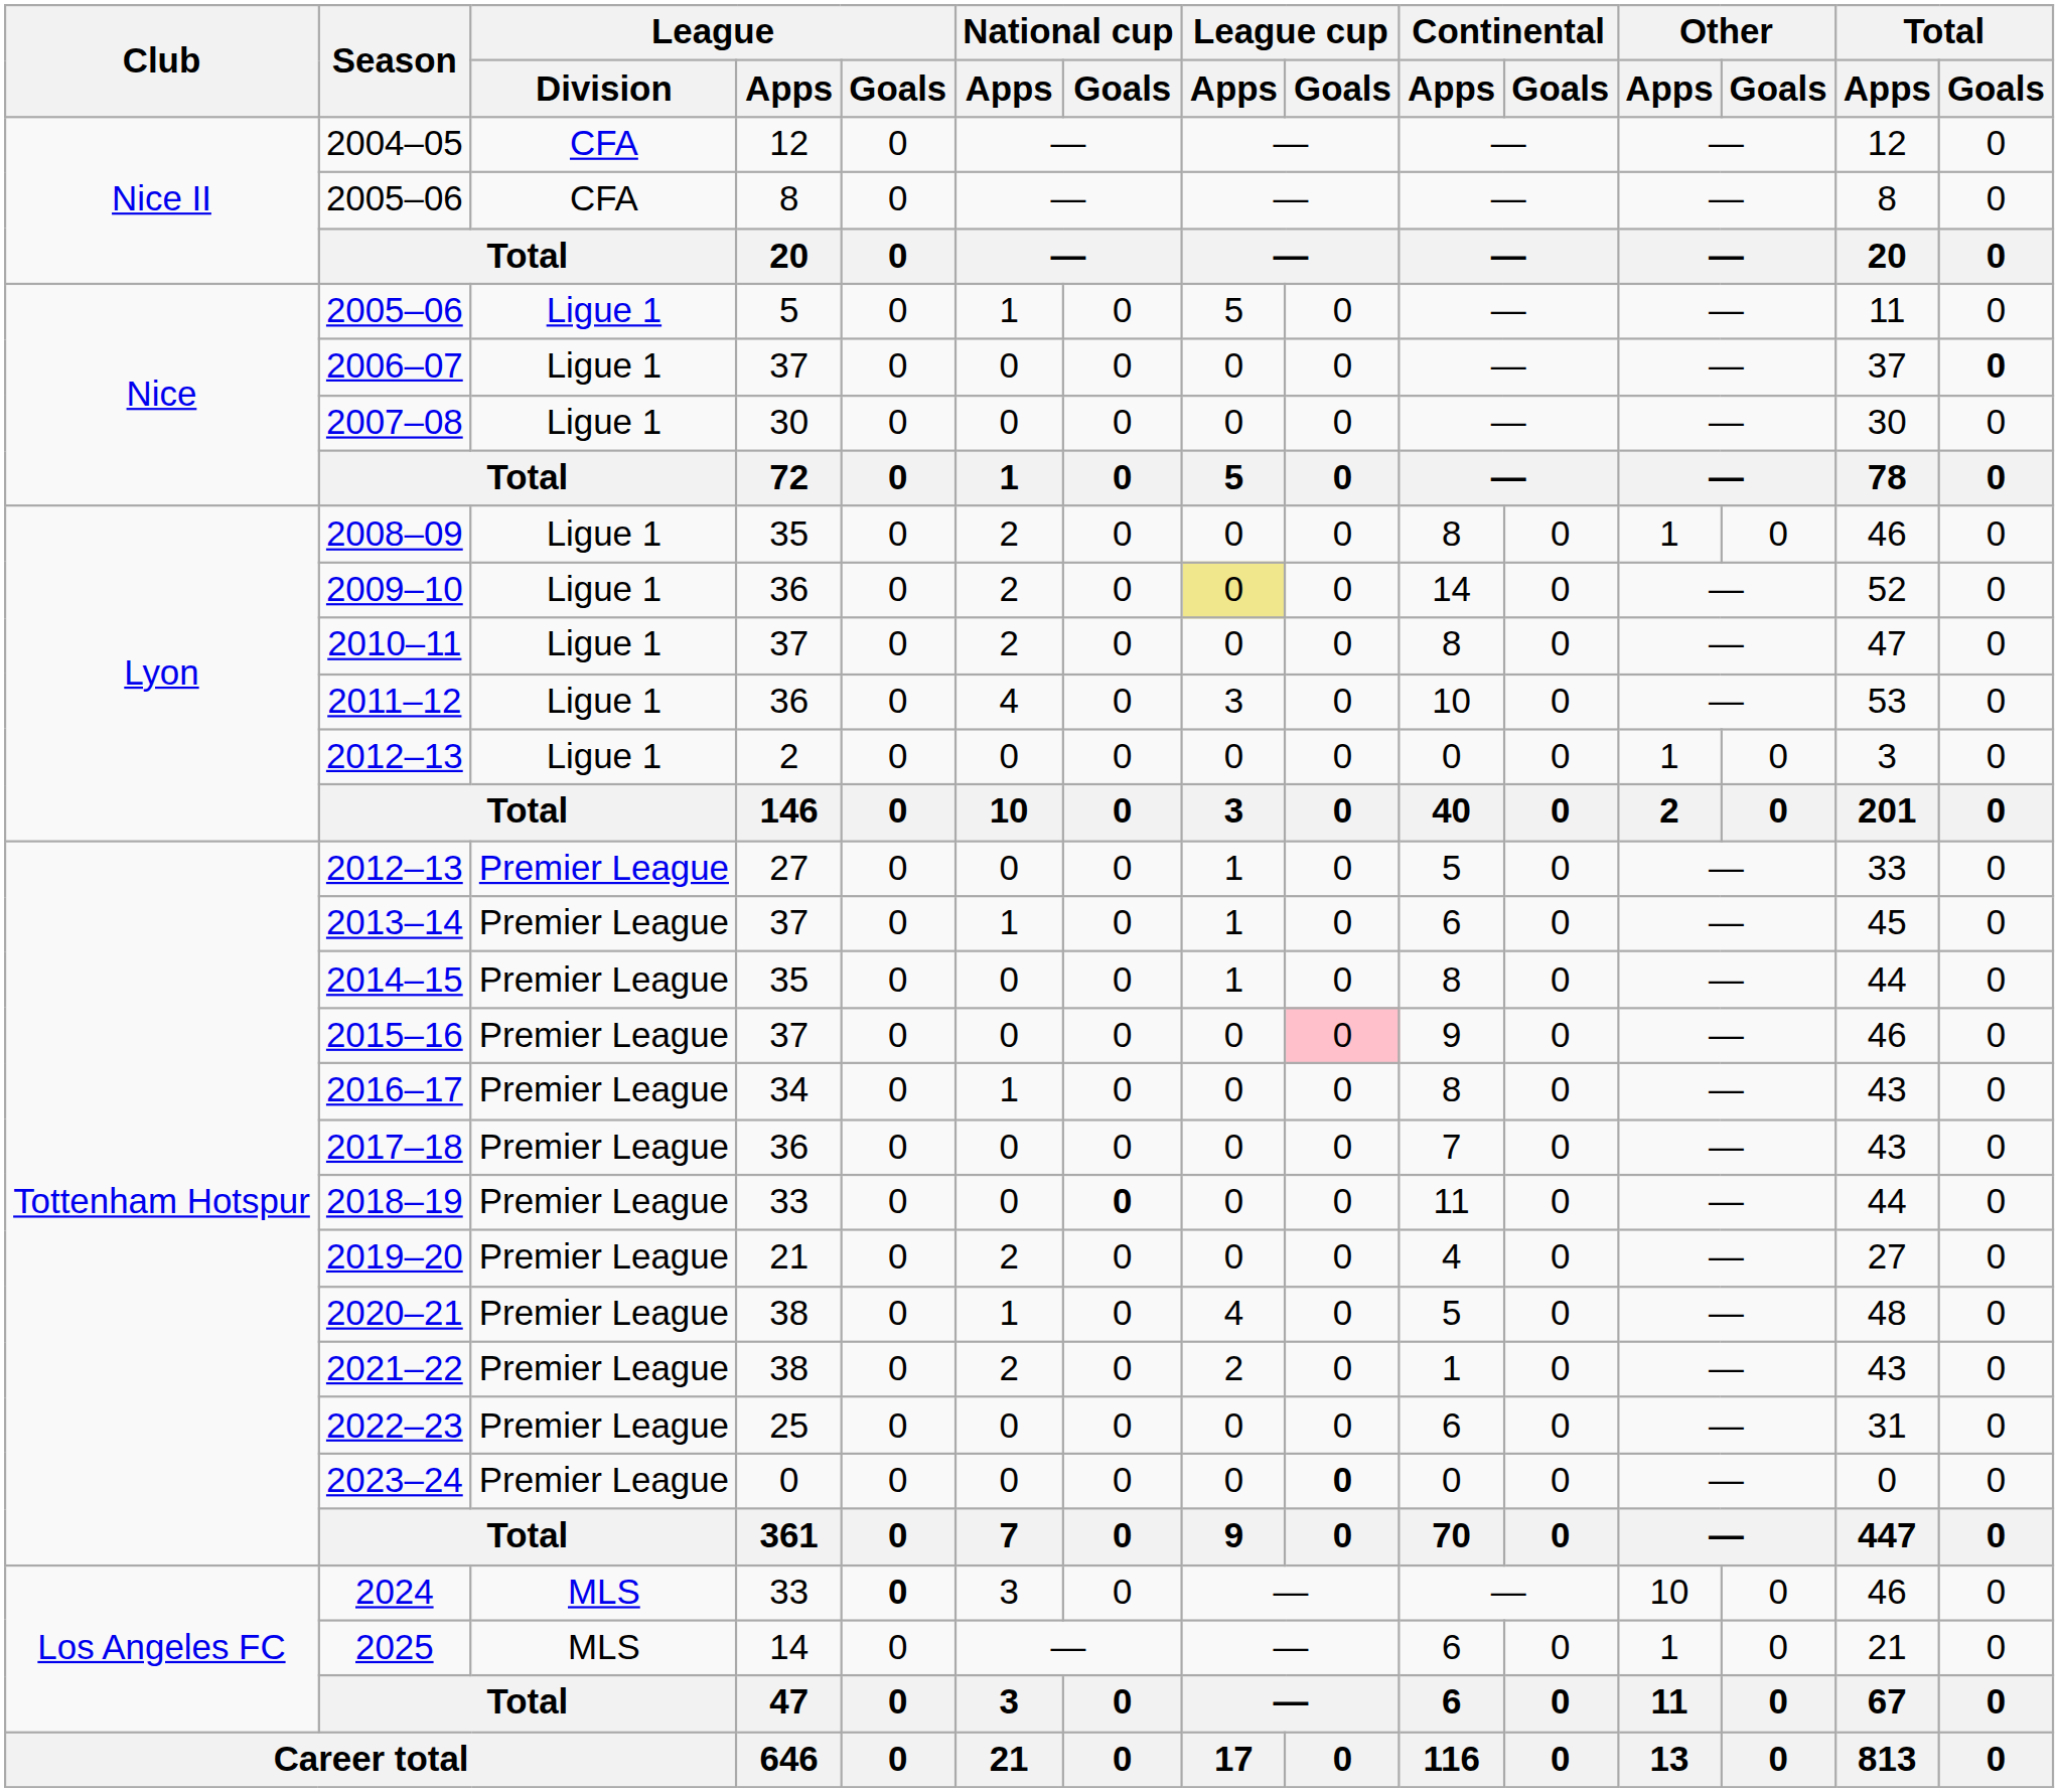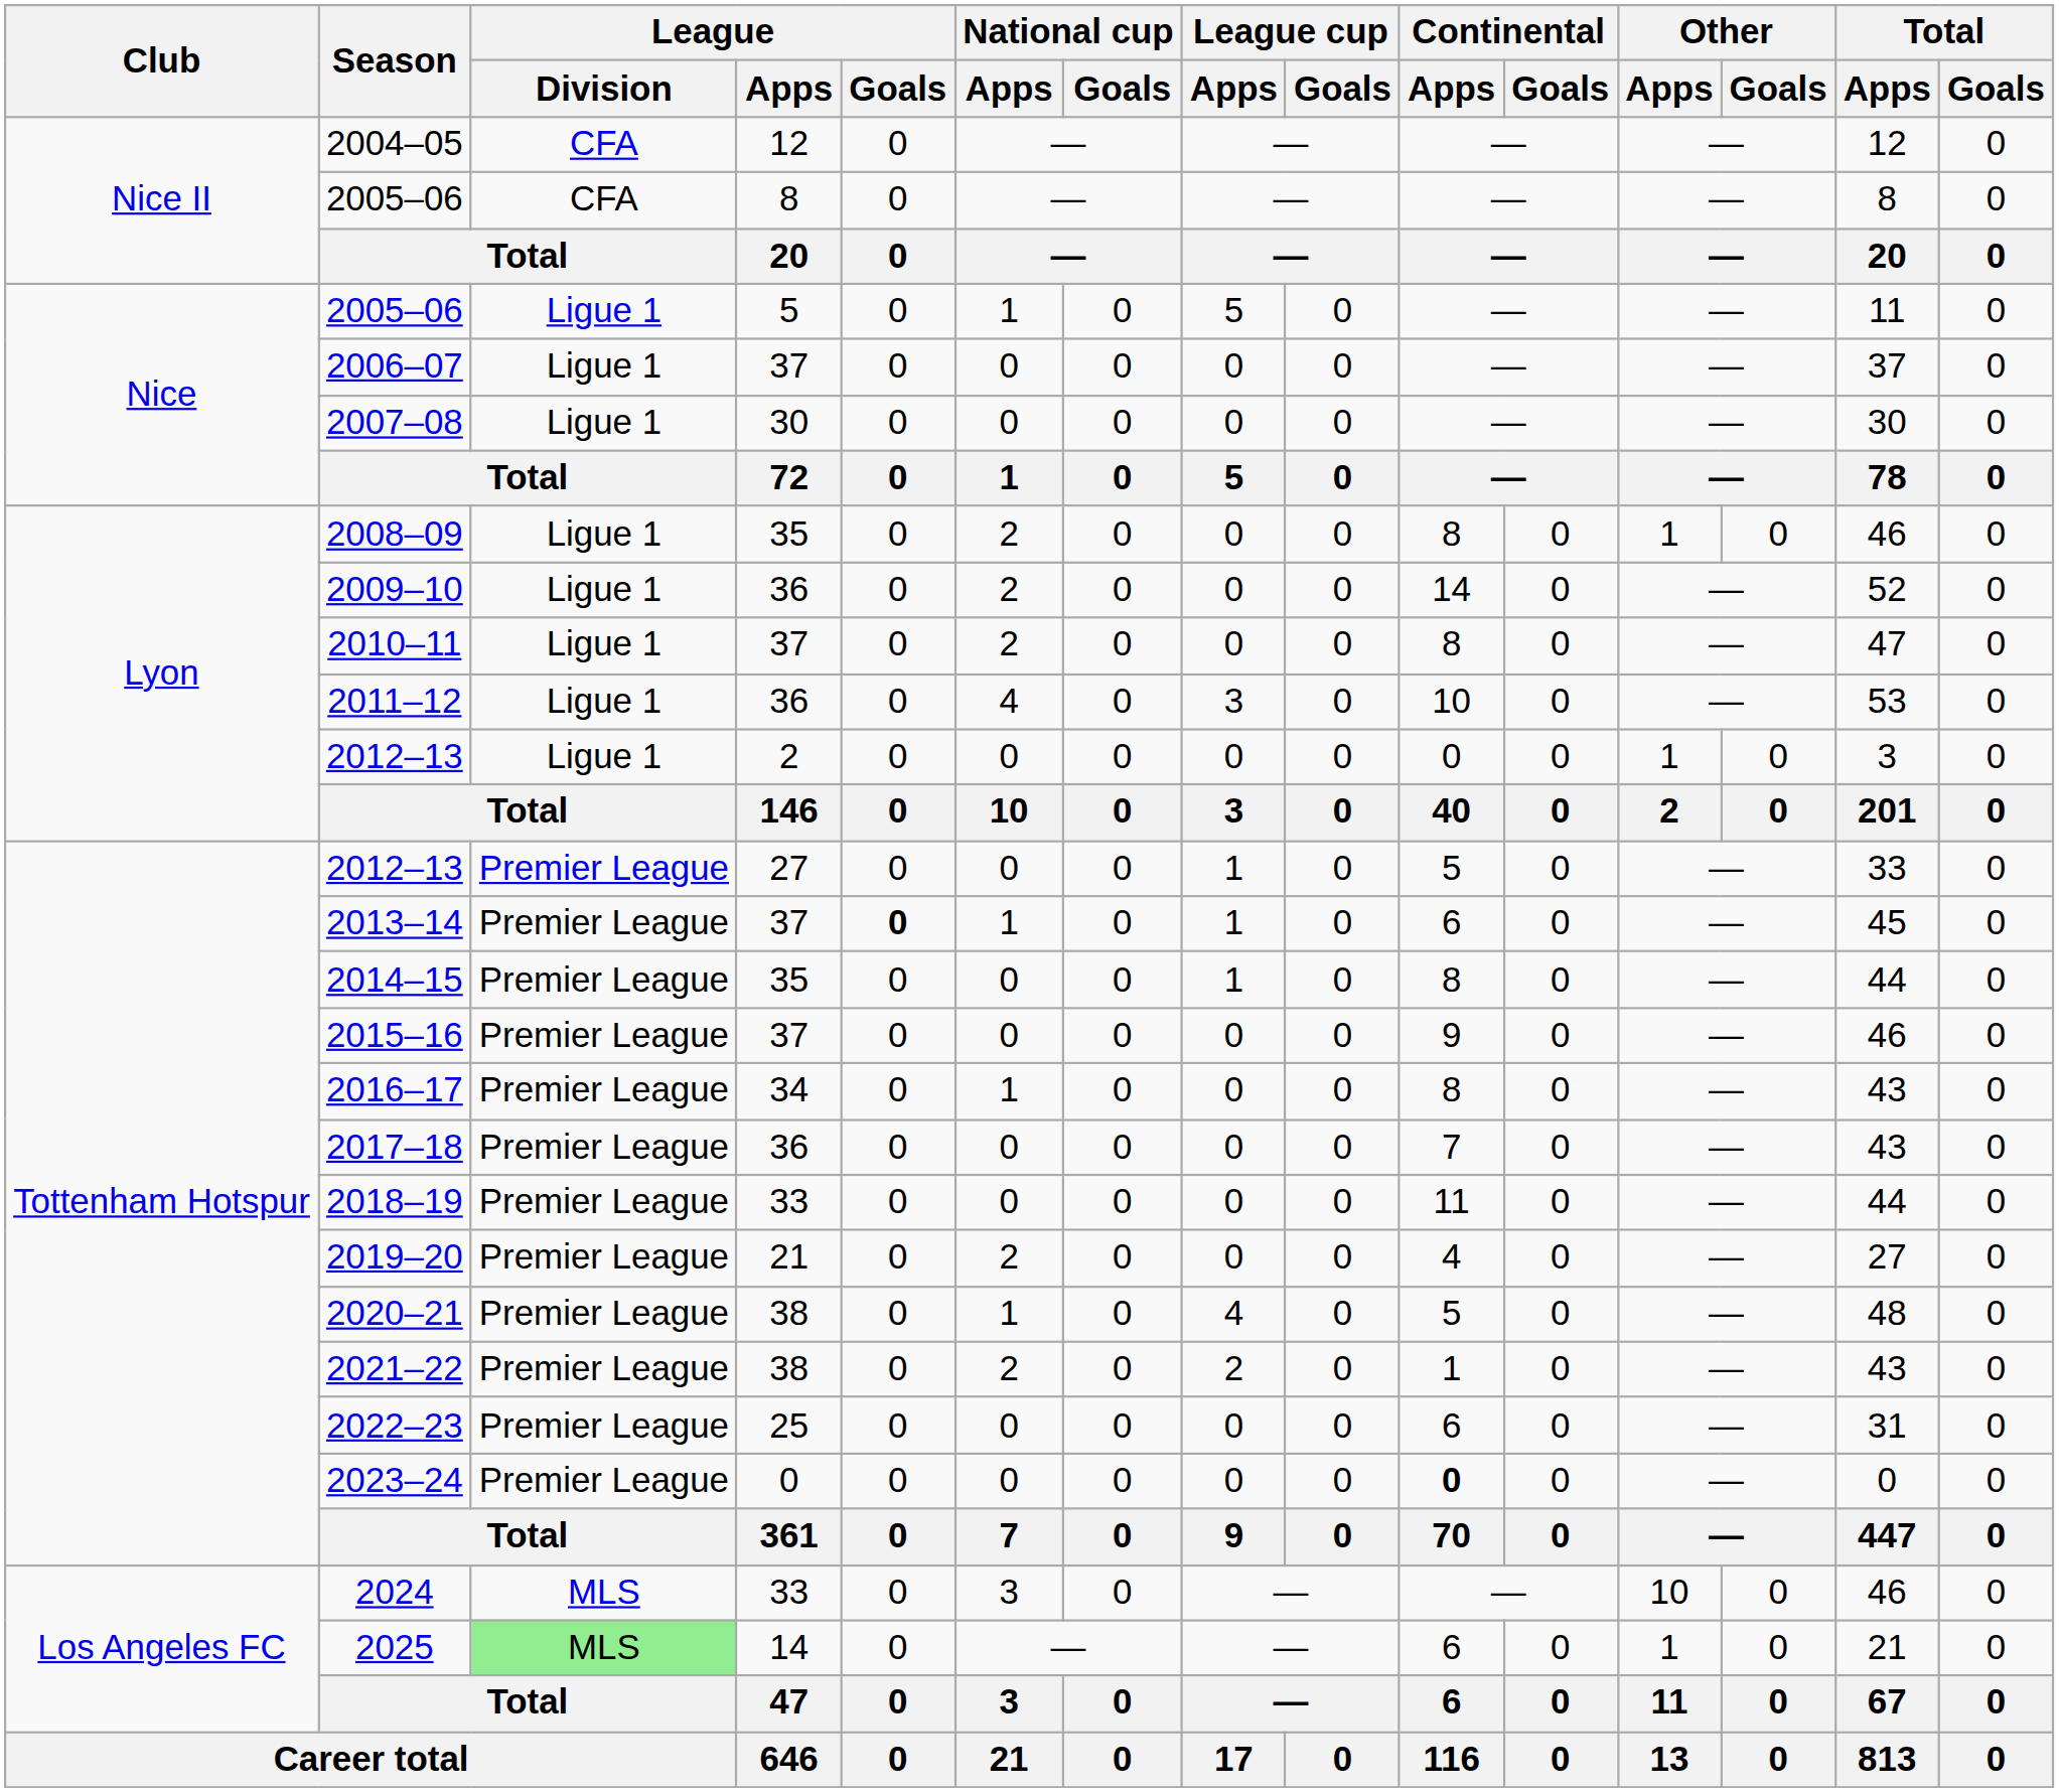 <table class="wikitable" style="text-align: center;">
 <tr>
 <th rowspan="2">Club</th>
 <th rowspan="2">Season</th>
 <th colspan="3">League</th>
 <th colspan="2">National cup</th>
 <th colspan="2">League cup</th>
 <th colspan="2">Continental</th>
 <th colspan="2">Other</th>
 <th colspan="2">Total</th>
 </tr>
 <tr>
 <th>Division</th>
 <th>Apps</th>
 <th>Goals</th>
 <th>Apps</th>
 <th>Goals</th>
 <th>Apps</th>
 <th>Goals</th>
 <th>Apps</th>
 <th>Goals</th>
 <th>Apps</th>
 <th>Goals</th>
 <th>Apps</th>
 <th>Goals</th>
 </tr>
 <tr>
 <td rowspan="3"><a href='#'>Nice II</a></td>
 <td>2004–05</td>
 <td><a href='#'>CFA</a></td>
 <td>12</td>
 <td>0</td>
 <td colspan="2">—</td>
 <td colspan="2">—</td>
 <td colspan="2">—</td>
 <td colspan="2">—</td>
 <td>12</td>
 <td>0</td>
 </tr>
 <tr>
 <td>2005–06</td>
 <td>CFA</td>
 <td>8</td>
 <td>0</td>
 <td colspan="2">—</td>
 <td colspan="2">—</td>
 <td colspan="2">—</td>
 <td colspan="2">—</td>
 <td>8</td>
 <td>0</td>
 </tr>
 <tr>
 <th colspan="2">Total</th>
 <th>20</th>
 <th>0</th>
 <th colspan="2">—</th>
 <th colspan="2">—</th>
 <th colspan="2">—</th>
 <th colspan="2">—</th>
 <th>20</th>
 <th>0</th>
 </tr>
 <tr>
 <td rowspan="4"><a href='#'>Nice</a></td>
 <td><a href='#'>2005–06</a></td>
 <td><a href='#'>Ligue 1</a></td>
 <td>5</td>
 <td>0</td>
 <td>1</td>
 <td>0</td>
 <td>5</td>
 <td>0</td>
 <td colspan="2">—</td>
 <td colspan="2">—</td>
 <td>11</td>
 <td>0</td>
 </tr>
 <tr>
 <td><a href='#'>2006–07</a></td>
 <td>Ligue 1</td>
 <td>37</td>
 <td>0</td>
 <td>0</td>
 <td>0</td>
 <td>0</td>
 <td>0</td>
 <td colspan="2">—</td>
 <td colspan="2">—</td>
 <td>37</td>
-<td><strong>0</strong></td>
+<td>0</td>
 </tr>
 <tr>
 <td><a href='#'>2007–08</a></td>
 <td>Ligue 1</td>
 <td>30</td>
 <td>0</td>
 <td>0</td>
 <td>0</td>
 <td>0</td>
 <td>0</td>
 <td colspan="2">—</td>
 <td colspan="2">—</td>
 <td>30</td>
 <td>0</td>
 </tr>
 <tr>
 <th colspan="2">Total</th>
 <th>72</th>
 <th>0</th>
 <th>1</th>
 <th>0</th>
 <th>5</th>
 <th>0</th>
 <th colspan="2">—</th>
 <th colspan="2">—</th>
 <th>78</th>
 <th>0</th>
 </tr>
 <tr>
 <td rowspan="6"><a href='#'>Lyon</a></td>
 <td><a href='#'>2008–09</a></td>
 <td>Ligue 1</td>
 <td>35</td>
 <td>0</td>
 <td>2</td>
 <td>0</td>
 <td>0</td>
 <td>0</td>
 <td>8</td>
 <td>0</td>
 <td>1</td>
 <td>0</td>
 <td>46</td>
 <td>0</td>
 </tr>
 <tr>
 <td><a href='#'>2009–10</a></td>
 <td>Ligue 1</td>
 <td>36</td>
 <td>0</td>
 <td>2</td>
 <td>0</td>
-<td style="background: khaki;">0</td>
+<td>0</td>
 <td>0</td>
 <td>14</td>
 <td>0</td>
 <td colspan="2">—</td>
 <td>52</td>
 <td>0</td>
 </tr>
 <tr>
 <td><a href='#'>2010–11</a></td>
 <td>Ligue 1</td>
 <td>37</td>
 <td>0</td>
 <td>2</td>
 <td>0</td>
 <td>0</td>
 <td>0</td>
 <td>8</td>
 <td>0</td>
 <td colspan="2">—</td>
 <td>47</td>
 <td>0</td>
 </tr>
 <tr>
 <td><a href='#'>2011–12</a></td>
 <td>Ligue 1</td>
 <td>36</td>
 <td>0</td>
 <td>4</td>
 <td>0</td>
 <td>3</td>
 <td>0</td>
 <td>10</td>
 <td>0</td>
 <td colspan="2">—</td>
 <td>53</td>
 <td>0</td>
 </tr>
 <tr>
 <td><a href='#'>2012–13</a></td>
 <td>Ligue 1</td>
 <td>2</td>
 <td>0</td>
 <td>0</td>
 <td>0</td>
 <td>0</td>
 <td>0</td>
 <td>0</td>
 <td>0</td>
 <td>1</td>
 <td>0</td>
 <td>3</td>
 <td>0</td>
 </tr>
 <tr>
 <th colspan="2">Total</th>
 <th>146</th>
 <th>0</th>
 <th>10</th>
 <th>0</th>
 <th>3</th>
 <th>0</th>
 <th>40</th>
 <th>0</th>
 <th>2</th>
 <th>0</th>
 <th>201</th>
 <th>0</th>
 </tr>
 <tr>
 <td rowspan="13"><a href='#'>Tottenham Hotspur</a></td>
 <td><a href='#'>2012–13</a></td>
 <td><a href='#'>Premier League</a></td>
 <td>27</td>
 <td>0</td>
 <td>0</td>
 <td>0</td>
 <td>1</td>
 <td>0</td>
 <td>5</td>
 <td>0</td>
 <td colspan="2">—</td>
 <td>33</td>
 <td>0</td>
 </tr>
 <tr>
 <td><a href='#'>2013–14</a></td>
 <td>Premier League</td>
 <td>37</td>
-<td>0</td>
+<td><strong>0</strong></td>
 <td>1</td>
 <td>0</td>
 <td>1</td>
 <td>0</td>
 <td>6</td>
 <td>0</td>
 <td colspan="2">—</td>
 <td>45</td>
 <td>0</td>
 </tr>
 <tr>
 <td><a href='#'>2014–15</a></td>
 <td>Premier League</td>
 <td>35</td>
 <td>0</td>
 <td>0</td>
 <td>0</td>
 <td>1</td>
 <td>0</td>
 <td>8</td>
 <td>0</td>
 <td colspan="2">—</td>
 <td>44</td>
 <td>0</td>
 </tr>
 <tr>
 <td><a href='#'>2015–16</a></td>
 <td>Premier League</td>
 <td>37</td>
 <td>0</td>
 <td>0</td>
 <td>0</td>
 <td>0</td>
-<td style="background: pink;">0</td>
+<td>0</td>
 <td>9</td>
 <td>0</td>
 <td colspan="2">—</td>
 <td>46</td>
 <td>0</td>
 </tr>
 <tr>
 <td><a href='#'>2016–17</a></td>
 <td>Premier League</td>
 <td>34</td>
 <td>0</td>
 <td>1</td>
 <td>0</td>
 <td>0</td>
 <td>0</td>
 <td>8</td>
 <td>0</td>
 <td colspan="2">—</td>
 <td>43</td>
 <td>0</td>
 </tr>
 <tr>
 <td><a href='#'>2017–18</a></td>
 <td>Premier League</td>
 <td>36</td>
 <td>0</td>
 <td>0</td>
 <td>0</td>
 <td>0</td>
 <td>0</td>
 <td>7</td>
 <td>0</td>
 <td colspan="2">—</td>
 <td>43</td>
 <td>0</td>
 </tr>
 <tr>
 <td><a href='#'>2018–19</a></td>
 <td>Premier League</td>
 <td>33</td>
 <td>0</td>
 <td>0</td>
-<td><strong>0</strong></td>
+<td>0</td>
 <td>0</td>
 <td>0</td>
 <td>11</td>
 <td>0</td>
 <td colspan="2">—</td>
 <td>44</td>
 <td>0</td>
 </tr>
 <tr>
 <td><a href='#'>2019–20</a></td>
 <td>Premier League</td>
 <td>21</td>
 <td>0</td>
 <td>2</td>
 <td>0</td>
 <td>0</td>
 <td>0</td>
 <td>4</td>
 <td>0</td>
 <td colspan="2">—</td>
 <td>27</td>
 <td>0</td>
 </tr>
 <tr>
 <td><a href='#'>2020–21</a></td>
 <td>Premier League</td>
 <td>38</td>
 <td>0</td>
 <td>1</td>
 <td>0</td>
 <td>4</td>
 <td>0</td>
 <td>5</td>
 <td>0</td>
 <td colspan="2">—</td>
 <td>48</td>
 <td>0</td>
 </tr>
 <tr>
 <td><a href='#'>2021–22</a></td>
 <td>Premier League</td>
 <td>38</td>
 <td>0</td>
 <td>2</td>
 <td>0</td>
 <td>2</td>
 <td>0</td>
 <td>1</td>
 <td>0</td>
 <td colspan="2">—</td>
 <td>43</td>
 <td>0</td>
 </tr>
 <tr>
 <td><a href='#'>2022–23</a></td>
 <td>Premier League</td>
 <td>25</td>
 <td>0</td>
 <td>0</td>
 <td>0</td>
 <td>0</td>
 <td>0</td>
 <td>6</td>
 <td>0</td>
 <td colspan="2">—</td>
 <td>31</td>
 <td>0</td>
 </tr>
 <tr>
 <td><a href='#'>2023–24</a></td>
 <td>Premier League</td>
 <td>0</td>
 <td>0</td>
 <td>0</td>
 <td>0</td>
 <td>0</td>
+<td>0</td>
 <td><strong>0</strong></td>
-<td>0</td>
 <td>0</td>
 <td colspan="2">—</td>
 <td>0</td>
 <td>0</td>
 </tr>
 <tr>
 <th colspan="2">Total</th>
 <th>361</th>
 <th>0</th>
 <th>7</th>
 <th>0</th>
 <th>9</th>
 <th>0</th>
 <th>70</th>
 <th>0</th>
 <th colspan="2">—</th>
 <th>447</th>
 <th>0</th>
 </tr>
 <tr>
 <td rowspan="3"><a href='#'>Los Angeles FC</a></td>
 <td><a href='#'>2024</a></td>
 <td><a href='#'>MLS</a></td>
 <td>33</td>
-<td><strong>0</strong></td>
+<td>0</td>
 <td>3</td>
 <td>0</td>
 <td colspan="2">—</td>
 <td colspan="2">—</td>
 <td>10</td>
 <td>0</td>
 <td>46</td>
 <td>0</td>
 </tr>
 <tr>
 <td><a href='#'>2025</a></td>
-<td>MLS</td>
+<td style="background: lightgreen;">MLS</td>
 <td>14</td>
 <td>0</td>
 <td colspan="2">—</td>
 <td colspan="2">—</td>
 <td>6</td>
 <td>0</td>
 <td>1</td>
 <td>0</td>
 <td>21</td>
 <td>0</td>
 </tr>
 <tr>
 <th colspan="2">Total</th>
 <th>47</th>
 <th>0</th>
 <th>3</th>
 <th>0</th>
 <th colspan="2">—</th>
 <th>6</th>
 <th>0</th>
 <th>11</th>
 <th>0</th>
 <th>67</th>
 <th>0</th>
 </tr>
 <tr>
 <th colspan="3">Career total</th>
 <th>646</th>
 <th>0</th>
 <th>21</th>
 <th>0</th>
 <th>17</th>
 <th>0</th>
 <th>116</th>
 <th>0</th>
 <th>13</th>
 <th>0</th>
 <th>813</th>
 <th>0</th>
 </tr>
 </table>
